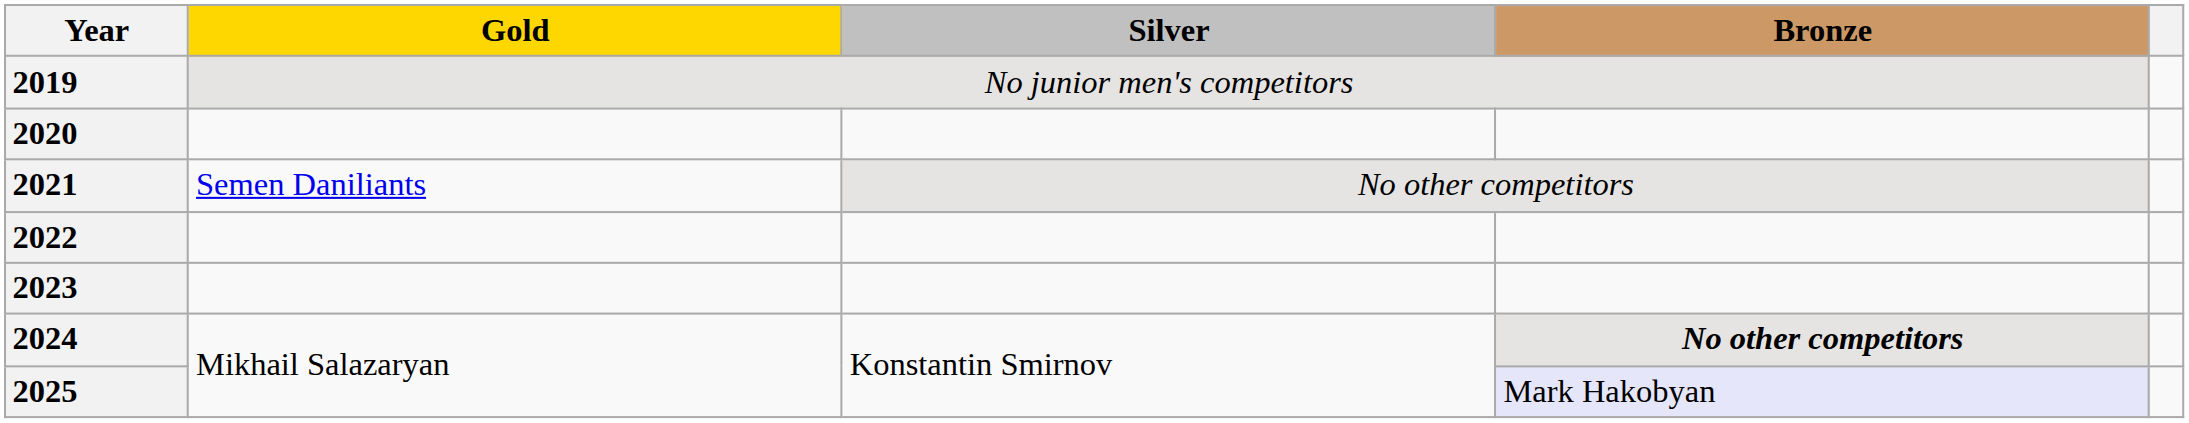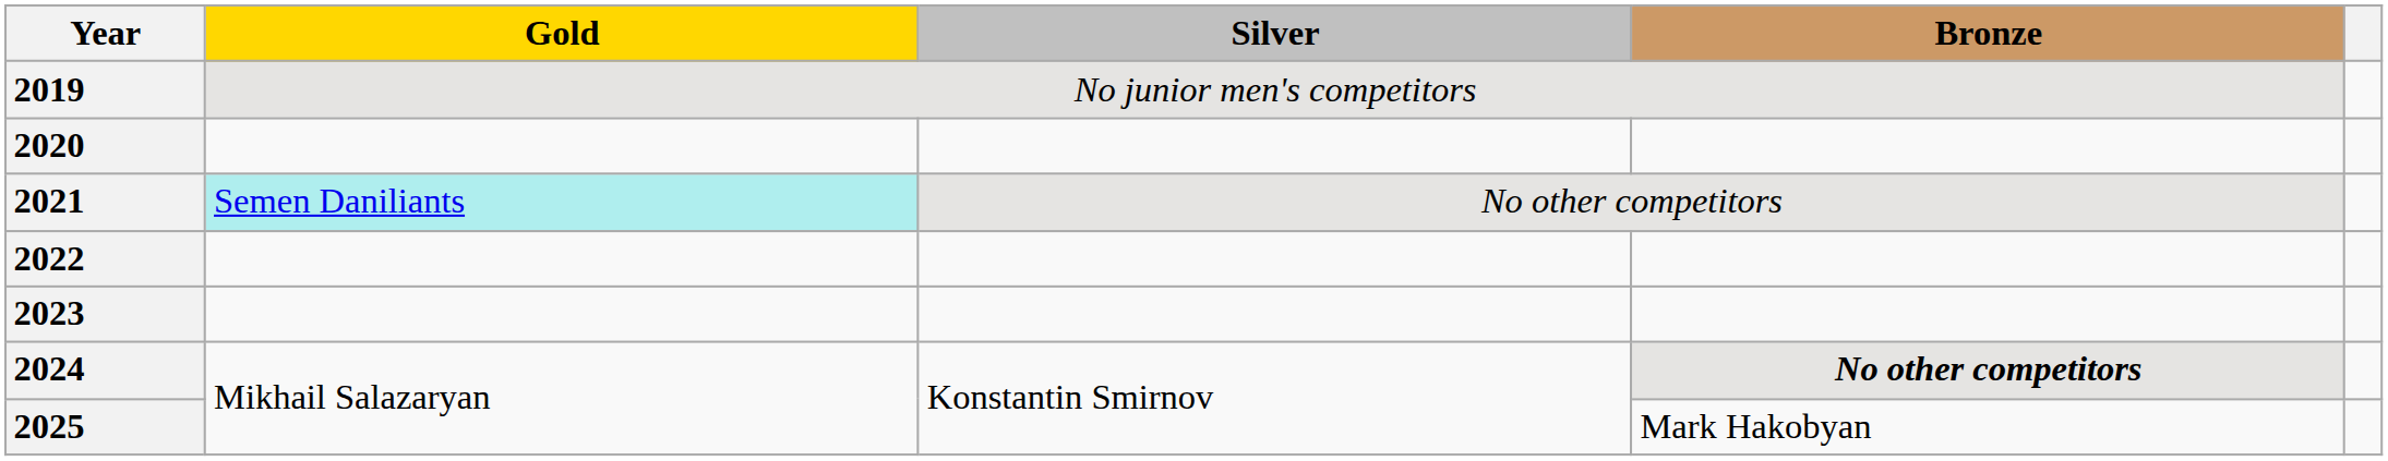 <table class="wikitable unsortable" style="text-align:left; width:85%">
 <tr>
 <th scope="col" style="text-align:center">Year</th>
 <th scope="col" style="text-align:center; width:30%; background:gold">Gold</th>
 <th scope="col" style="text-align:center; width:30%; background:silver">Silver</th>
 <th scope="col" style="text-align:center; width:30%; background:#c96">Bronze</th>
 <th scope="col" style="text-align:center"></th>
 </tr>
 <tr>
 <th scope="row" style="text-align:left">2019</th>
 <td colspan="3" align="center" bgcolor="e5e4e2"><em>No junior men's competitors</em></td>
 <td></td>
 </tr>
 <tr>
 <th style="text-align: left;">2020</th>
 <td></td>
 <td align="center"></td>
 <td align="center"></td>
 <td></td>
 </tr>
 <tr>
 <th scope="row" style="text-align:left">2021</th>
-<td><a href='#'>Semen Daniliants</a></td>
+<td style="background: paleturquoise;"><a href='#'>Semen Daniliants</a></td>
 <td colspan="2" align="center" bgcolor="e5e4e2"><em>No other competitors</em></td>
 <td></td>
 </tr>
 <tr>
 <th style="text-align: left;">2022</th>
 <td></td>
 <td></td>
 <td align="center"></td>
 <td></td>
 </tr>
 <tr>
 <th style="text-align: left;">2023</th>
 <td></td>
 <td></td>
 <td align="center"></td>
 <td></td>
 </tr>
 <tr>
 <th scope="row" style="text-align:left">2024</th>
 <td rowspan="2">Mikhail Salazaryan</td>
 <td rowspan="2">Konstantin Smirnov</td>
 <td align="center" bgcolor="e5e4e2"><strong><em>No other competitors</em></strong></td>
 <td></td>
 </tr>
 <tr>
 <th scope="row" style="text-align:left">2025</th>
-<td style="background: lavender;">Mark Hakobyan</td>
+<td>Mark Hakobyan</td>
 <td></td>
 </tr>
 </table>
